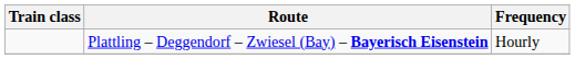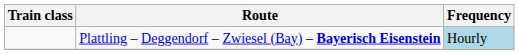 <table class="wikitable">
 <tr class="hintergrundfarbe6">
 <th>Train class</th>
 <th>Route</th>
 <th>Frequency</th>
 </tr>
 <tr>
 <td align="center"></td>
 <td><a href='#'>Plattling</a> – <a href='#'>Deggendorf</a> – <a href='#'>Zwiesel (Bay)</a> – <strong><a href='#'>Bayerisch Eisenstein</a></strong></td>
-<td>Hourly</td>
+<td style="background: lightblue;">Hourly</td>
 </tr>
 <tr>
 </tr>
 </table>
